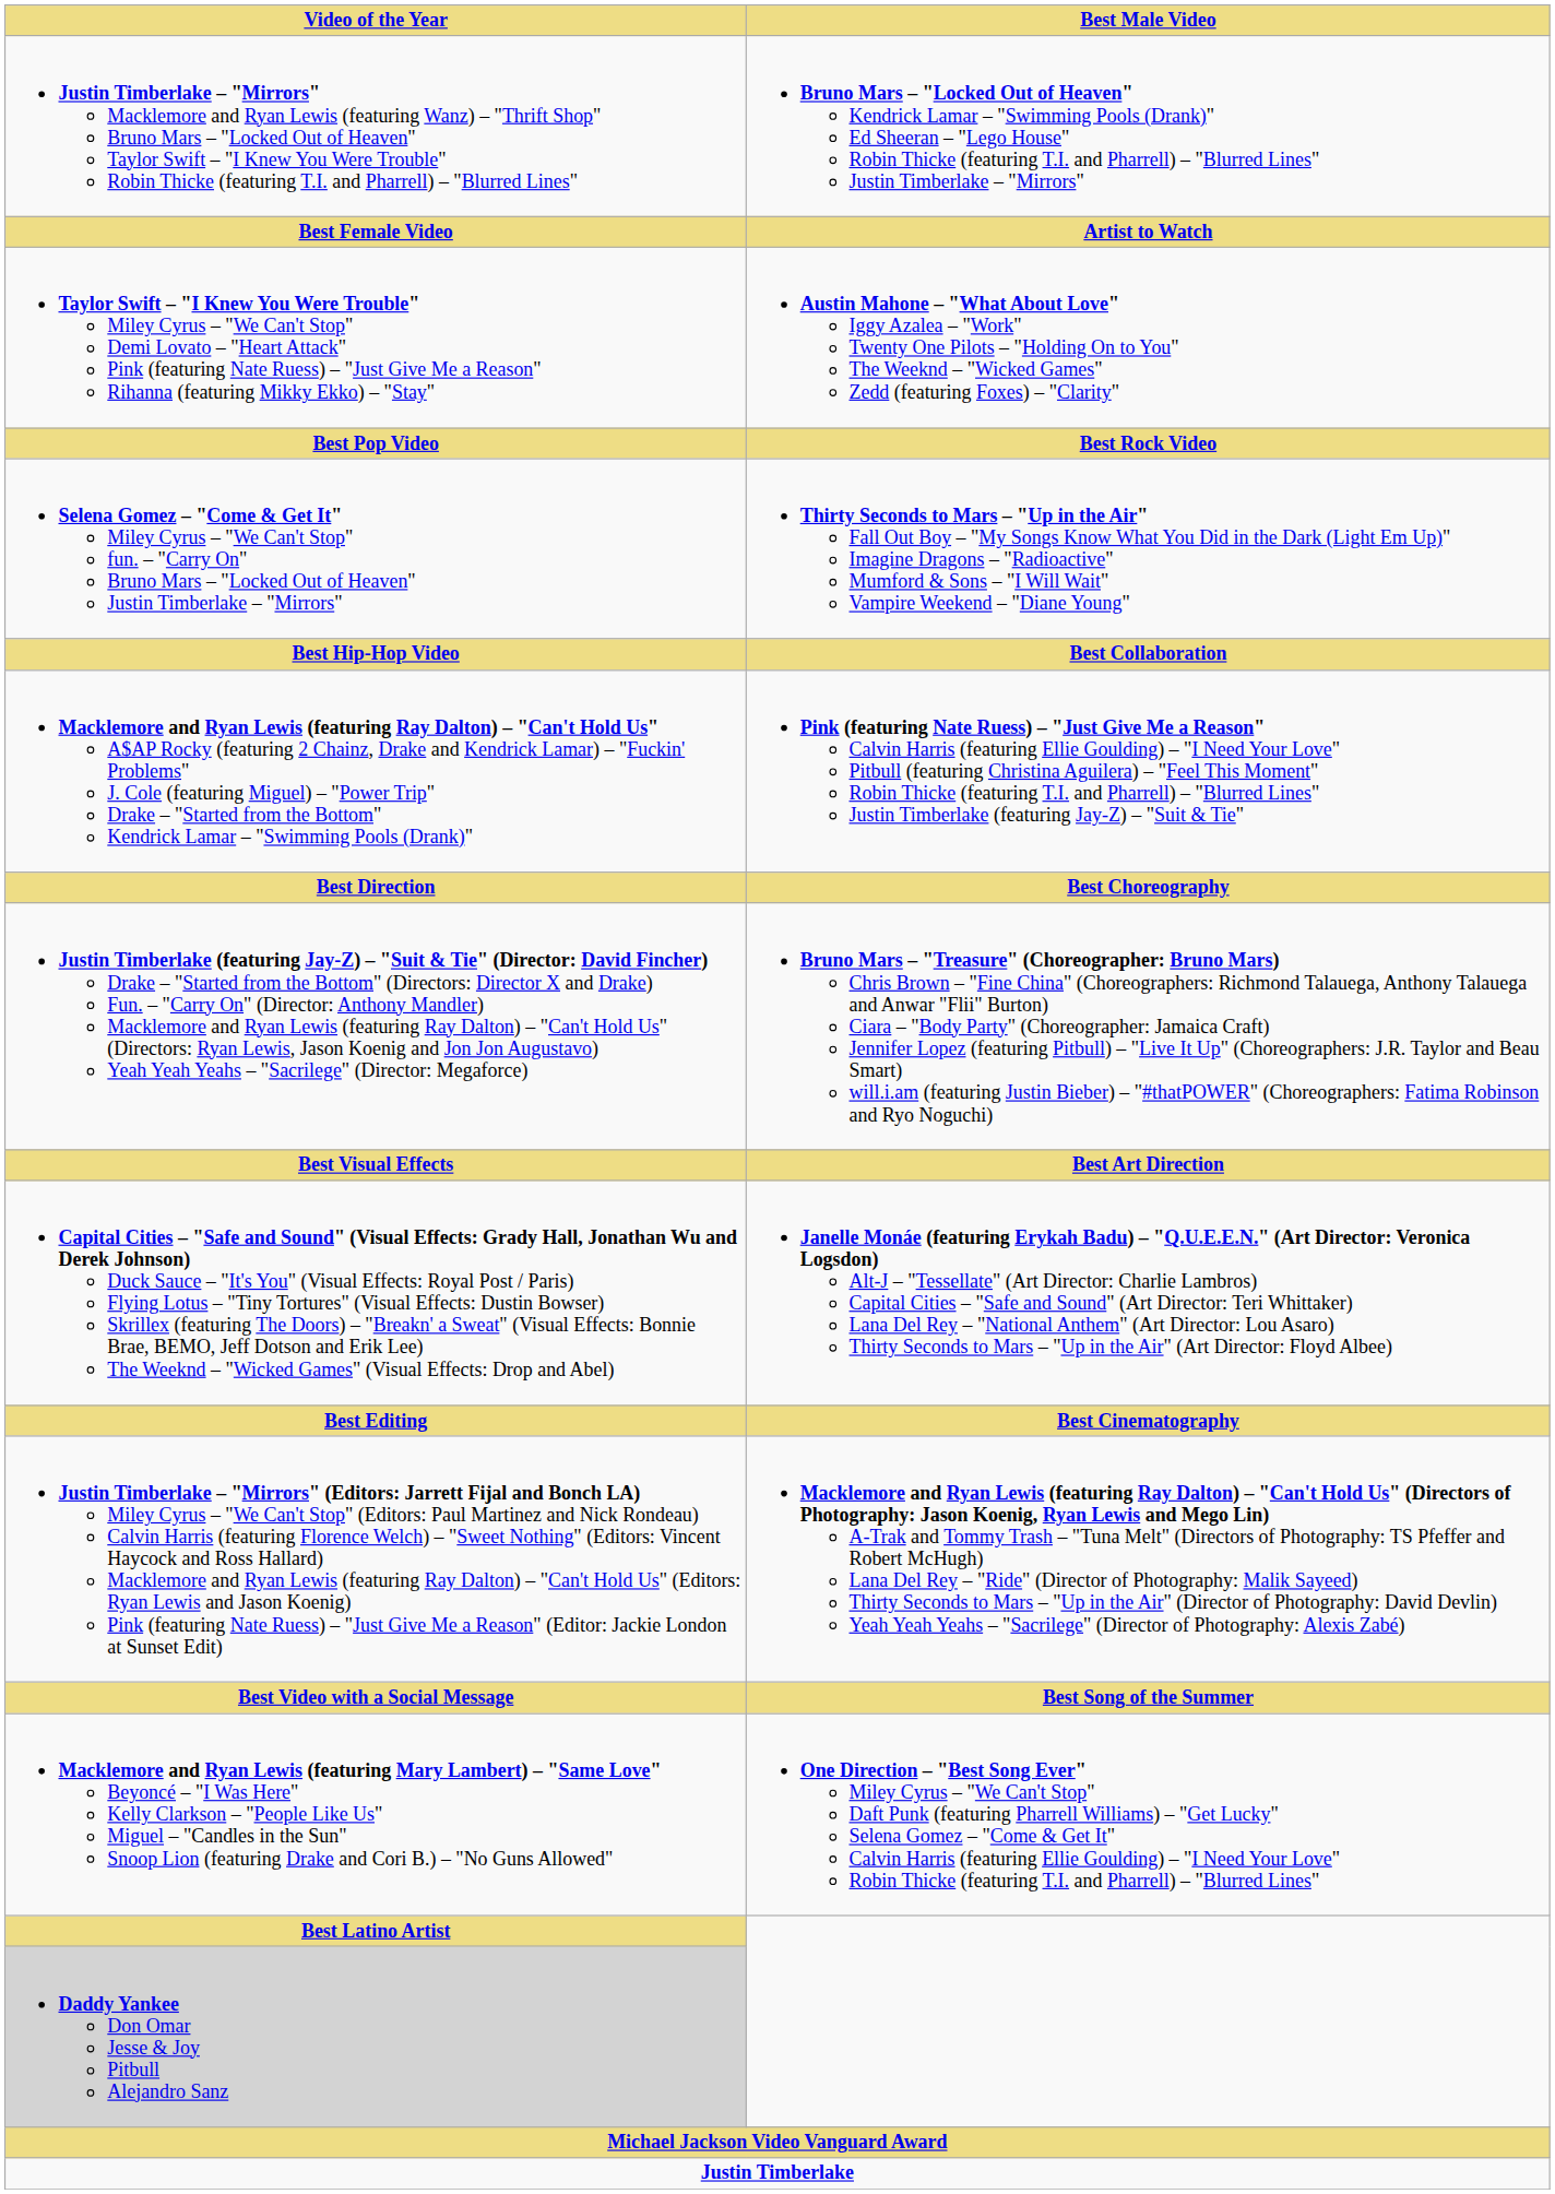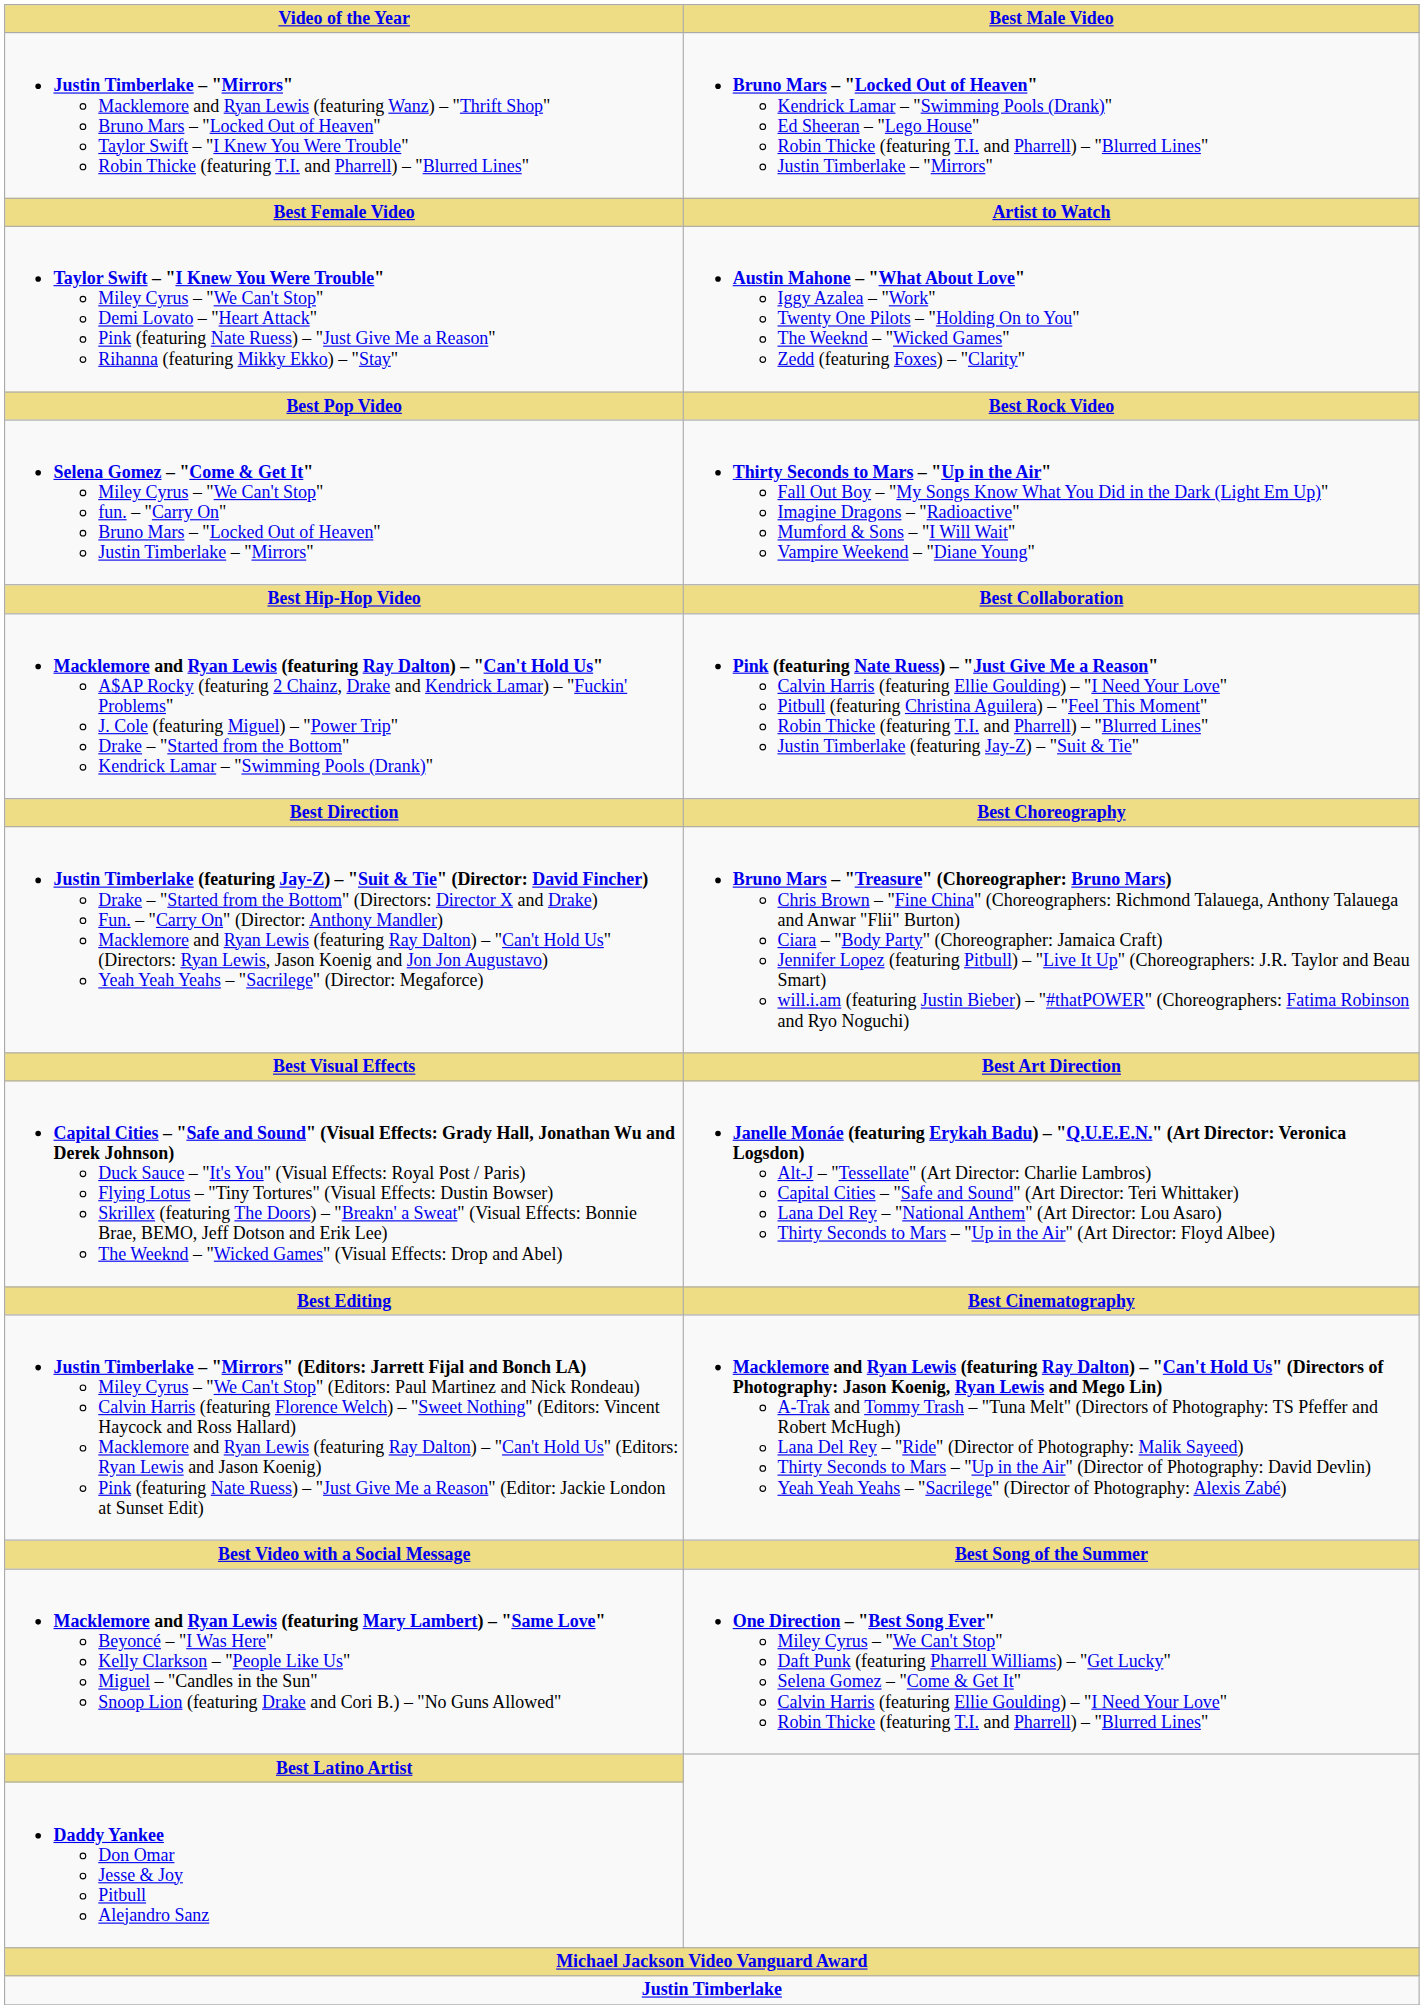 <table class=wikitable style="width:100%">
 <tr>
 <th scope="col" style="background:#EEDD85; width=;"><a href='#'>Video of the Year</a></th>
 <th scope="col" style="background:#EEDD85; width=;"><a href='#'>Best Male Video</a></th>
 </tr>
 <tr>
 <td valign="top"><br><ul><li><strong><a href='#'>Justin Timberlake</a> – "<a href='#'>Mirrors</a>"</strong><ul><li><a href='#'>Macklemore</a> and <a href='#'>Ryan Lewis</a> (featuring <a href='#'>Wanz</a>) – "<a href='#'>Thrift Shop</a>"</li><li><a href='#'>Bruno Mars</a> – "<a href='#'>Locked Out of Heaven</a>"</li><li><a href='#'>Taylor Swift</a> – "<a href='#'>I Knew You Were Trouble</a>"</li><li><a href='#'>Robin Thicke</a> (featuring <a href='#'>T.I.</a> and <a href='#'>Pharrell</a>) – "<a href='#'>Blurred Lines</a>"</li></ul></li></ul></td>
 <td valign="top"><br><ul><li><strong><a href='#'>Bruno Mars</a> – "<a href='#'>Locked Out of Heaven</a>"</strong><ul><li><a href='#'>Kendrick Lamar</a> – "<a href='#'>Swimming Pools (Drank)</a>"</li><li><a href='#'>Ed Sheeran</a> – "<a href='#'>Lego House</a>"</li><li><a href='#'>Robin Thicke</a> (featuring <a href='#'>T.I.</a> and <a href='#'>Pharrell</a>) – "<a href='#'>Blurred Lines</a>"</li><li><a href='#'>Justin Timberlake</a> – "<a href='#'>Mirrors</a>"</li></ul></li></ul></td>
 </tr>
 <tr>
 <th scope="col" style="background:#EEDD85; width=;"><a href='#'>Best Female Video</a></th>
 <th scope="col" style="background:#EEDD85; width=;"><a href='#'>Artist to Watch</a></th>
 </tr>
 <tr>
 <td valign="top"><br><ul><li><strong><a href='#'>Taylor Swift</a> – "<a href='#'>I Knew You Were Trouble</a>"</strong><ul><li><a href='#'>Miley Cyrus</a> – "<a href='#'>We Can't Stop</a>"</li><li><a href='#'>Demi Lovato</a> – "<a href='#'>Heart Attack</a>"</li><li><a href='#'>Pink</a> (featuring <a href='#'>Nate Ruess</a>) – "<a href='#'>Just Give Me a Reason</a>"</li><li><a href='#'>Rihanna</a> (featuring <a href='#'>Mikky Ekko</a>) – "<a href='#'>Stay</a>"</li></ul></li></ul></td>
 <td valign="top"><br><ul><li><strong><a href='#'>Austin Mahone</a> – "<a href='#'>What About Love</a>"</strong><ul><li><a href='#'>Iggy Azalea</a> – "<a href='#'>Work</a>"</li><li><a href='#'>Twenty One Pilots</a> – "<a href='#'>Holding On to You</a>"</li><li><a href='#'>The Weeknd</a> – "<a href='#'>Wicked Games</a>"</li><li><a href='#'>Zedd</a> (featuring <a href='#'>Foxes</a>) – "<a href='#'>Clarity</a>"</li></ul></li></ul></td>
 </tr>
 <tr>
 <th scope="col" style="background:#EEDD85; width=;"><a href='#'>Best Pop Video</a></th>
 <th scope="col" style="background:#EEDD85; width=;"><a href='#'>Best Rock Video</a></th>
 </tr>
 <tr>
 <td valign="top"><br><ul><li><strong><a href='#'>Selena Gomez</a> – "<a href='#'>Come & Get It</a>"</strong><ul><li><a href='#'>Miley Cyrus</a> – "<a href='#'>We Can't Stop</a>"</li><li><a href='#'>fun.</a> – "<a href='#'>Carry On</a>"</li><li><a href='#'>Bruno Mars</a> – "<a href='#'>Locked Out of Heaven</a>"</li><li><a href='#'>Justin Timberlake</a> – "<a href='#'>Mirrors</a>"</li></ul></li></ul></td>
 <td valign="top"><br><ul><li><strong><a href='#'>Thirty Seconds to Mars</a> – "<a href='#'>Up in the Air</a>"</strong><ul><li><a href='#'>Fall Out Boy</a> – "<a href='#'>My Songs Know What You Did in the Dark (Light Em Up)</a>"</li><li><a href='#'>Imagine Dragons</a> – "<a href='#'>Radioactive</a>"</li><li><a href='#'>Mumford & Sons</a> – "<a href='#'>I Will Wait</a>"</li><li><a href='#'>Vampire Weekend</a> – "<a href='#'>Diane Young</a>"</li></ul></li></ul></td>
 </tr>
 <tr>
 <th scope="col" style="background:#EEDD85; width=;"><a href='#'>Best Hip-Hop Video</a></th>
 <th scope="col" style="background:#EEDD85; width=;"><a href='#'>Best Collaboration</a></th>
 </tr>
 <tr>
 <td valign="top"><br><ul><li><strong><a href='#'>Macklemore</a> and <a href='#'>Ryan Lewis</a> (featuring <a href='#'>Ray Dalton</a>) – "<a href='#'>Can't Hold Us</a>"</strong><ul><li><a href='#'>A$AP Rocky</a> (featuring <a href='#'>2 Chainz</a>, <a href='#'>Drake</a> and <a href='#'>Kendrick Lamar</a>) – "<a href='#'>Fuckin' Problems</a>"</li><li><a href='#'>J. Cole</a> (featuring <a href='#'>Miguel</a>) – "<a href='#'>Power Trip</a>"</li><li><a href='#'>Drake</a> – "<a href='#'>Started from the Bottom</a>"</li><li><a href='#'>Kendrick Lamar</a> – "<a href='#'>Swimming Pools (Drank)</a>"</li></ul></li></ul></td>
 <td valign="top"><br><ul><li><strong><a href='#'>Pink</a> (featuring <a href='#'>Nate Ruess</a>) – "<a href='#'>Just Give Me a Reason</a>"</strong><ul><li><a href='#'>Calvin Harris</a> (featuring <a href='#'>Ellie Goulding</a>) – "<a href='#'>I Need Your Love</a>"</li><li><a href='#'>Pitbull</a> (featuring <a href='#'>Christina Aguilera</a>) – "<a href='#'>Feel This Moment</a>"</li><li><a href='#'>Robin Thicke</a> (featuring <a href='#'>T.I.</a> and <a href='#'>Pharrell</a>) – "<a href='#'>Blurred Lines</a>"</li><li><a href='#'>Justin Timberlake</a> (featuring <a href='#'>Jay-Z</a>) – "<a href='#'>Suit & Tie</a>"</li></ul></li></ul></td>
 </tr>
 <tr>
 <th scope="col" style="background:#EEDD85; width=;"><a href='#'>Best Direction</a></th>
 <th scope="col" style="background:#EEDD85; width=;"><a href='#'>Best Choreography</a></th>
 </tr>
 <tr>
 <td valign="top"><br><ul><li><strong><a href='#'>Justin Timberlake</a> (featuring <a href='#'>Jay-Z</a>) – "<a href='#'>Suit & Tie</a>" (Director: <a href='#'>David Fincher</a>)</strong><ul><li><a href='#'>Drake</a> – "<a href='#'>Started from the Bottom</a>" (Directors: <a href='#'>Director X</a> and <a href='#'>Drake</a>)</li><li><a href='#'>Fun.</a> – "<a href='#'>Carry On</a>" (Director: <a href='#'>Anthony Mandler</a>)</li><li><a href='#'>Macklemore</a> and <a href='#'>Ryan Lewis</a> (featuring <a href='#'>Ray Dalton</a>) – "<a href='#'>Can't Hold Us</a>" (Directors: <a href='#'>Ryan Lewis</a>, Jason Koenig and <a href='#'>Jon Jon Augustavo</a>)</li><li><a href='#'>Yeah Yeah Yeahs</a> – "<a href='#'>Sacrilege</a>" (Director: Megaforce)</li></ul></li></ul></td>
 <td valign="top"><br><ul><li><strong><a href='#'>Bruno Mars</a> – "<a href='#'>Treasure</a>"  (Choreographer: <a href='#'>Bruno Mars</a>)</strong><ul><li><a href='#'>Chris Brown</a> – "<a href='#'>Fine China</a>" (Choreographers: Richmond Talauega, Anthony Talauega and Anwar "Flii" Burton)</li><li><a href='#'>Ciara</a> – "<a href='#'>Body Party</a>"  (Choreographer: Jamaica Craft)</li><li><a href='#'>Jennifer Lopez</a> (featuring <a href='#'>Pitbull</a>) – "<a href='#'>Live It Up</a>"  (Choreographers: J.R. Taylor and Beau Smart)</li><li><a href='#'>will.i.am</a> (featuring <a href='#'>Justin Bieber</a>) – "<a href='#'>#thatPOWER</a>" (Choreographers: <a href='#'>Fatima Robinson</a> and Ryo Noguchi)</li></ul></li></ul></td>
 </tr>
 <tr>
 <th scope="col" style="background:#EEDD85; width=;"><a href='#'>Best Visual Effects</a></th>
 <th scope="col" style="background:#EEDD85; width=;"><a href='#'>Best Art Direction</a></th>
 </tr>
 <tr>
 <td valign="top"><br><ul><li><strong><a href='#'>Capital Cities</a> – "<a href='#'>Safe and Sound</a>" (Visual Effects: Grady Hall, Jonathan Wu and Derek Johnson)</strong><ul><li><a href='#'>Duck Sauce</a> – "<a href='#'>It's You</a>" (Visual Effects: Royal Post / Paris)</li><li><a href='#'>Flying Lotus</a> – "Tiny Tortures" (Visual Effects: Dustin Bowser)</li><li><a href='#'>Skrillex</a> (featuring <a href='#'>The Doors</a>) – "<a href='#'>Breakn' a Sweat</a>" (Visual Effects: Bonnie Brae, BEMO, Jeff Dotson and Erik Lee)</li><li><a href='#'>The Weeknd</a> – "<a href='#'>Wicked Games</a>" (Visual Effects: Drop and Abel)</li></ul></li></ul></td>
 <td valign="top"><br><ul><li><strong><a href='#'>Janelle Monáe</a> (featuring <a href='#'>Erykah Badu</a>) – "<a href='#'>Q.U.E.E.N.</a>" (Art Director: Veronica Logsdon)</strong><ul><li><a href='#'>Alt-J</a> – "<a href='#'>Tessellate</a>" (Art Director: Charlie Lambros)</li><li><a href='#'>Capital Cities</a> – "<a href='#'>Safe and Sound</a>" (Art Director: Teri Whittaker)</li><li><a href='#'>Lana Del Rey</a> – "<a href='#'>National Anthem</a>" (Art Director: Lou Asaro)</li><li><a href='#'>Thirty Seconds to Mars</a> – "<a href='#'>Up in the Air</a>" (Art Director: Floyd Albee)</li></ul></li></ul></td>
 </tr>
 <tr>
 <th scope="col" style="background:#EEDD85; width=;"><a href='#'>Best Editing</a></th>
 <th scope="col" style="background:#EEDD85; width=;"><a href='#'>Best Cinematography</a></th>
 </tr>
 <tr>
 <td valign="top"><br><ul><li><strong><a href='#'>Justin Timberlake</a> – "<a href='#'>Mirrors</a>" (Editors: Jarrett Fijal and Bonch LA)</strong><ul><li><a href='#'>Miley Cyrus</a> – "<a href='#'>We Can't Stop</a>" (Editors: Paul Martinez and Nick Rondeau)</li><li><a href='#'>Calvin Harris</a> (featuring <a href='#'>Florence Welch</a>) – "<a href='#'>Sweet Nothing</a>" (Editors: Vincent Haycock and Ross Hallard)</li><li><a href='#'>Macklemore</a> and <a href='#'>Ryan Lewis</a> (featuring <a href='#'>Ray Dalton</a>) – "<a href='#'>Can't Hold Us</a>" (Editors: <a href='#'>Ryan Lewis</a> and Jason Koenig)</li><li><a href='#'>Pink</a> (featuring <a href='#'>Nate Ruess</a>) – "<a href='#'>Just Give Me a Reason</a>" (Editor: Jackie London at Sunset Edit)</li></ul></li></ul></td>
 <td valign="top"><br><ul><li><strong><a href='#'>Macklemore</a> and <a href='#'>Ryan Lewis</a> (featuring <a href='#'>Ray Dalton</a>) – "<a href='#'>Can't Hold Us</a>" (Directors of Photography: Jason Koenig, <a href='#'>Ryan Lewis</a> and Mego Lin)</strong><ul><li><a href='#'>A-Trak</a> and <a href='#'>Tommy Trash</a> – "Tuna Melt" (Directors of Photography: TS Pfeffer and Robert McHugh)</li><li><a href='#'>Lana Del Rey</a> – "<a href='#'>Ride</a>" (Director of Photography: <a href='#'>Malik Sayeed</a>)</li><li><a href='#'>Thirty Seconds to Mars</a> – "<a href='#'>Up in the Air</a>" (Director of Photography: David Devlin)</li><li><a href='#'>Yeah Yeah Yeahs</a> – "<a href='#'>Sacrilege</a>" (Director of Photography: <a href='#'>Alexis Zabé</a>)</li></ul></li></ul></td>
 </tr>
 <tr>
 <th scope="col" style="background:#EEDD85; width=;"><a href='#'>Best Video with a Social Message</a></th>
 <th scope="col" style="background:#EEDD85; width=;"><a href='#'>Best Song of the Summer</a></th>
 </tr>
 <tr>
 <td valign="top"><br><ul><li><strong><a href='#'>Macklemore</a> and <a href='#'>Ryan Lewis</a> (featuring <a href='#'>Mary Lambert</a>) – "<a href='#'>Same Love</a>"</strong><ul><li><a href='#'>Beyoncé</a> – "<a href='#'>I Was Here</a>"</li><li><a href='#'>Kelly Clarkson</a> – "<a href='#'>People Like Us</a>"</li><li><a href='#'>Miguel</a> – "Candles in the Sun"</li><li><a href='#'>Snoop Lion</a> (featuring <a href='#'>Drake</a> and Cori B.) – "No Guns Allowed"</li></ul></li></ul></td>
 <td valign="top"><br><ul><li><strong><a href='#'>One Direction</a> – "<a href='#'>Best Song Ever</a>"</strong><ul><li><a href='#'>Miley Cyrus</a> – "<a href='#'>We Can't Stop</a>"</li><li><a href='#'>Daft Punk</a> (featuring <a href='#'>Pharrell Williams</a>) – "<a href='#'>Get Lucky</a>"</li><li><a href='#'>Selena Gomez</a> – "<a href='#'>Come & Get It</a>"</li><li><a href='#'>Calvin Harris</a> (featuring <a href='#'>Ellie Goulding</a>) – "<a href='#'>I Need Your Love</a>"</li><li><a href='#'>Robin Thicke</a> (featuring <a href='#'>T.I.</a> and <a href='#'>Pharrell</a>) – "<a href='#'>Blurred Lines</a>"</li></ul></li></ul></td>
 </tr>
 <tr>
 <th scope="col" style="background:#EEDD85; width=;"><a href='#'>Best Latino Artist</a></th>
 </tr>
 <tr>
-<td valign="top" style="background: lightgrey;"><br><ul><li><strong><a href='#'>Daddy Yankee</a></strong><ul><li><a href='#'>Don Omar</a></li><li><a href='#'>Jesse & Joy</a></li><li><a href='#'>Pitbull</a></li><li><a href='#'>Alejandro Sanz</a></li></ul></li></ul></td>
+<td valign="top"><br><ul><li><strong><a href='#'>Daddy Yankee</a></strong><ul><li><a href='#'>Don Omar</a></li><li><a href='#'>Jesse & Joy</a></li><li><a href='#'>Pitbull</a></li><li><a href='#'>Alejandro Sanz</a></li></ul></li></ul></td>
 </tr>
 <tr>
 <th style="background:#EEDD85; width=50%" colspan="2"><a href='#'>Michael Jackson Video Vanguard Award</a></th>
 </tr>
 <tr>
 <td colspan="2" style="text-align: center;"><strong><a href='#'>Justin Timberlake</a></strong></td>
 </tr>
 </table>
